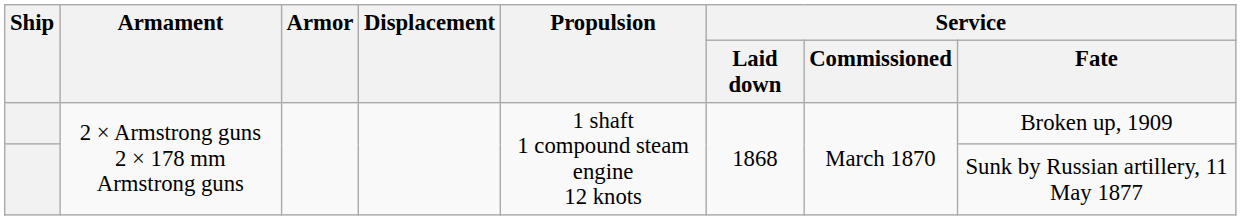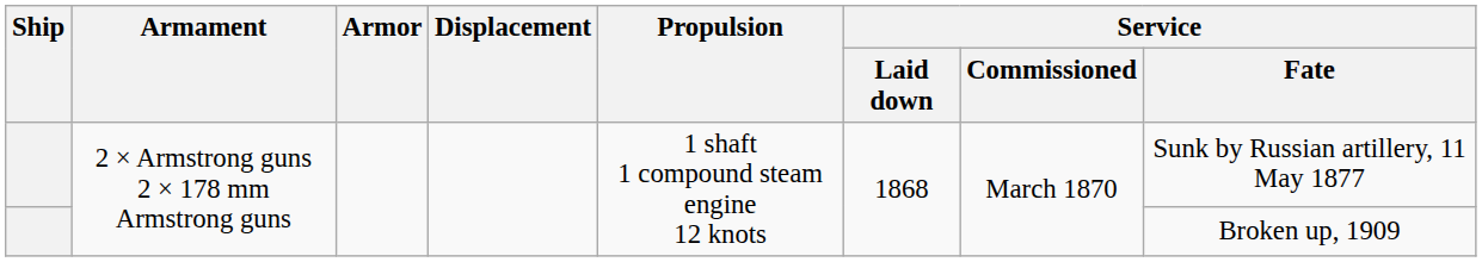 <table class="wikitable plainrowheaders" style="text-align: center;">
 <tr valign="top">
 <th scope="col" rowspan="2">Ship</th>
 <th scope="col" rowspan="2">Armament</th>
 <th scope="col" rowspan="2">Armor</th>
 <th scope="col" rowspan="2">Displacement</th>
 <th scope="col" rowspan="2">Propulsion</th>
 <th scope="col" colspan="3">Service</th>
 </tr>
 <tr valign="top">
 <th scope="col">Laid down</th>
 <th scope="col">Commissioned</th>
 <th scope="col">Fate</th>
 </tr>
 <tr valign="center">
 <th scope="row"></th>
 <td rowspan="2">2 ×  Armstrong guns<br>2 × 178 mm Armstrong guns</td>
 <td rowspan="2"></td>
 <td rowspan="2"></td>
 <td rowspan="2">1 shaft<br>1 compound steam engine<br>12 knots</td>
 <td rowspan="2">1868</td>
 <td rowspan="2">March 1870</td>
-<td>Broken up, 1909</td>
+<td>Sunk by Russian artillery, 11 May 1877</td>
 </tr>
 <tr valign="center">
 <th scope="row"></th>
-<td>Sunk by Russian artillery, 11 May 1877</td>
+<td>Broken up, 1909</td>
 </tr>
 </table>
